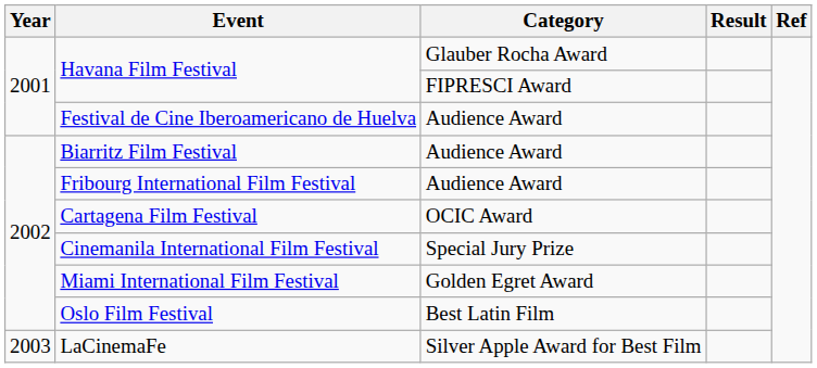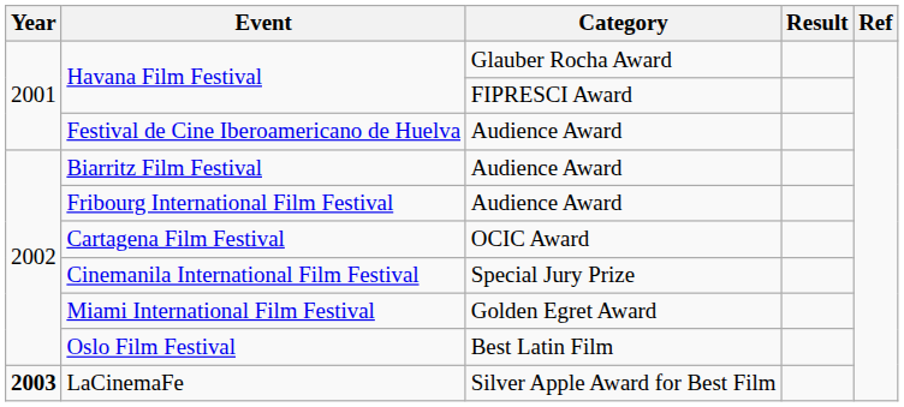 <table class="wikitable">
 <tr>
 <th>Year</th>
 <th>Event</th>
 <th>Category</th>
 <th>Result</th>
 <th>Ref</th>
 </tr>
 <tr>
 <td rowspan="3">2001</td>
 <td rowspan="2"><a href='#'>Havana Film Festival</a></td>
 <td>Glauber Rocha Award</td>
 <td></td>
 <td rowspan="10"></td>
 </tr>
 <tr>
 <td>FIPRESCI Award</td>
 <td></td>
 </tr>
 <tr>
 <td><a href='#'>Festival de Cine Iberoamericano de Huelva</a></td>
 <td>Audience Award</td>
 <td></td>
 </tr>
 <tr>
 <td rowspan="6">2002</td>
 <td><a href='#'>Biarritz Film Festival</a></td>
 <td>Audience Award</td>
 <td></td>
 </tr>
 <tr>
 <td><a href='#'>Fribourg International Film Festival</a></td>
 <td>Audience Award</td>
 <td></td>
 </tr>
 <tr>
 <td><a href='#'>Cartagena Film Festival</a></td>
 <td>OCIC Award</td>
 <td></td>
 </tr>
 <tr>
 <td><a href='#'>Cinemanila International Film Festival</a></td>
 <td>Special Jury Prize</td>
 <td></td>
 </tr>
 <tr>
 <td><a href='#'>Miami International Film Festival</a></td>
 <td>Golden Egret Award</td>
 <td></td>
 </tr>
 <tr>
 <td><a href='#'>Oslo Film Festival</a></td>
 <td>Best Latin Film</td>
 <td></td>
 </tr>
 <tr>
-<td>2003</td>
+<td><strong>2003</strong></td>
 <td>LaCinemaFe</td>
 <td>Silver Apple Award for Best Film</td>
 <td></td>
 </tr>
 </table>
